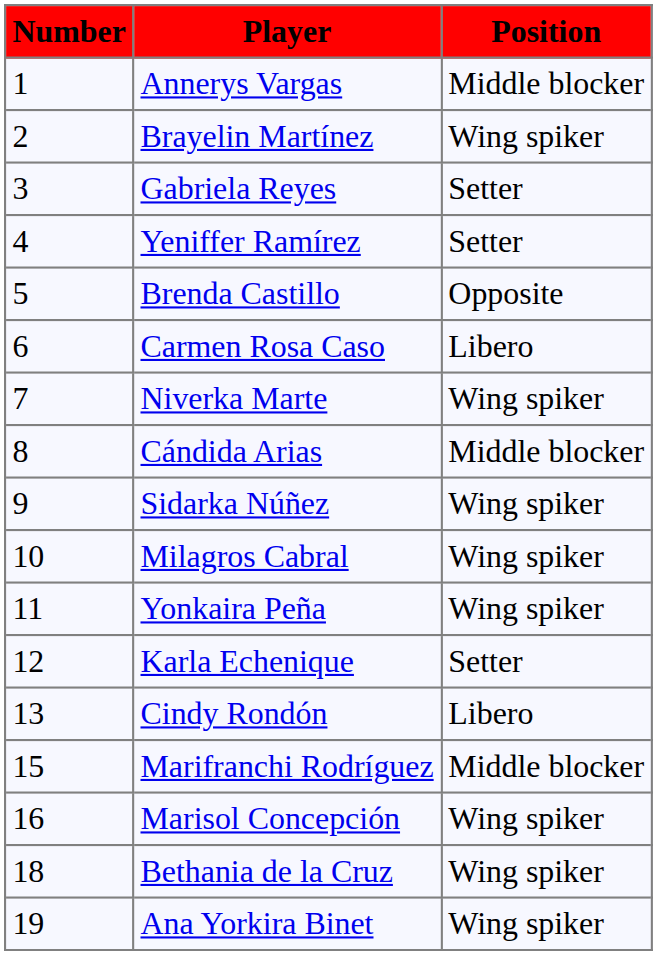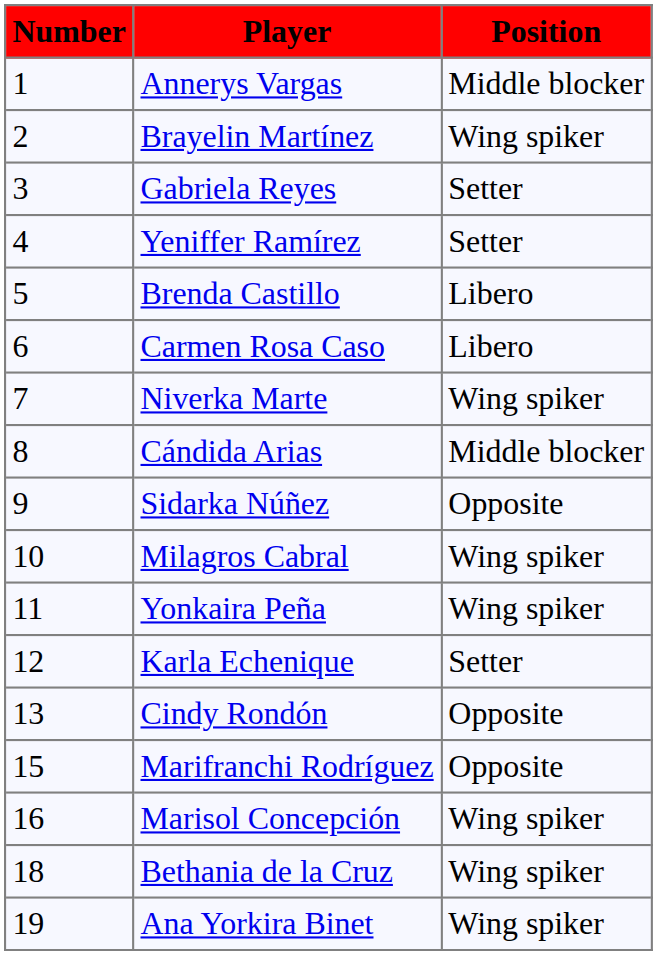 <table bgcolor="#f7f8ff" cellpadding="3" cellspacing="0" border="1" style="font-size: 95%; border: gray solid 1px; border-collapse: collapse;">
 <tr bgcolor="#ff0000">
 <td align=center><strong>Number</strong></td>
 <td align=center><strong>Player</strong></td>
 <td align=center><strong>Position</strong></td>
 </tr>
 <tr align="left">
 <td>1</td>
 <td> <a href='#'>Annerys Vargas</a></td>
 <td>Middle blocker</td>
 </tr>
 <tr align=left>
 <td>2</td>
 <td> <a href='#'>Brayelin Martínez</a></td>
 <td>Wing spiker</td>
 </tr>
 <tr align="left">
 <td>3</td>
 <td> <a href='#'>Gabriela Reyes</a></td>
 <td>Setter</td>
 </tr>
 <tr align="left">
 <td>4</td>
 <td> <a href='#'>Yeniffer Ramírez</a></td>
 <td>Setter</td>
 </tr>
 <tr align="left">
 <td>5</td>
 <td> <a href='#'>Brenda Castillo</a></td>
-<td>Opposite</td>
+<td>Libero</td>
 </tr>
 <tr align="left">
 <td>6</td>
 <td> <a href='#'>Carmen Rosa Caso</a></td>
 <td>Libero</td>
 </tr>
 <tr align="left">
 <td>7</td>
 <td> <a href='#'>Niverka Marte</a></td>
 <td>Wing spiker</td>
 </tr>
 <tr align="left">
 <td>8</td>
 <td> <a href='#'>Cándida Arias</a></td>
 <td>Middle blocker</td>
 </tr>
 <tr align="left">
 <td>9</td>
 <td> <a href='#'>Sidarka Núñez</a></td>
-<td>Wing spiker</td>
+<td>Opposite</td>
 </tr>
 <tr align="left">
 <td>10</td>
 <td> <a href='#'>Milagros Cabral</a></td>
 <td>Wing spiker</td>
 </tr>
 <tr align="left">
 <td>11</td>
 <td> <a href='#'>Yonkaira Peña</a></td>
 <td>Wing spiker</td>
 </tr>
 <tr align="left">
 <td>12</td>
 <td> <a href='#'>Karla Echenique</a></td>
 <td>Setter</td>
 </tr>
 <tr align="left">
 <td>13</td>
 <td> <a href='#'>Cindy Rondón</a></td>
-<td>Libero</td>
+<td>Opposite</td>
 </tr>
 <tr align="left">
 <td>15</td>
 <td> <a href='#'>Marifranchi Rodríguez</a></td>
-<td>Middle blocker</td>
+<td>Opposite</td>
 </tr>
 <tr align="left">
 <td>16</td>
 <td> <a href='#'>Marisol Concepción</a></td>
 <td>Wing spiker</td>
 </tr>
 <tr align="left">
 <td>18</td>
 <td> <a href='#'>Bethania de la Cruz</a></td>
 <td>Wing spiker</td>
 </tr>
 <tr align="left">
 <td>19</td>
 <td> <a href='#'>Ana Yorkira Binet</a></td>
 <td>Wing spiker</td>
 </tr>
 </table>
